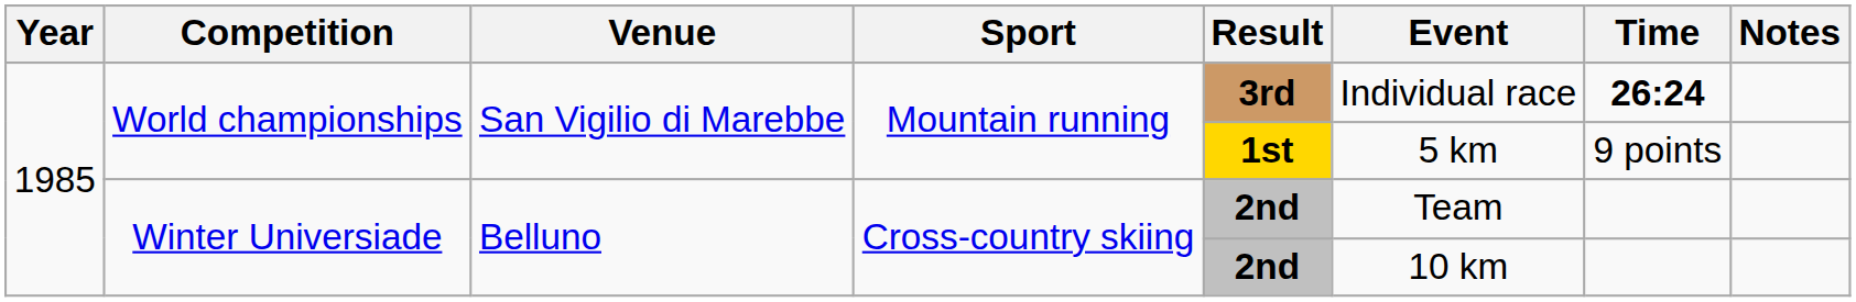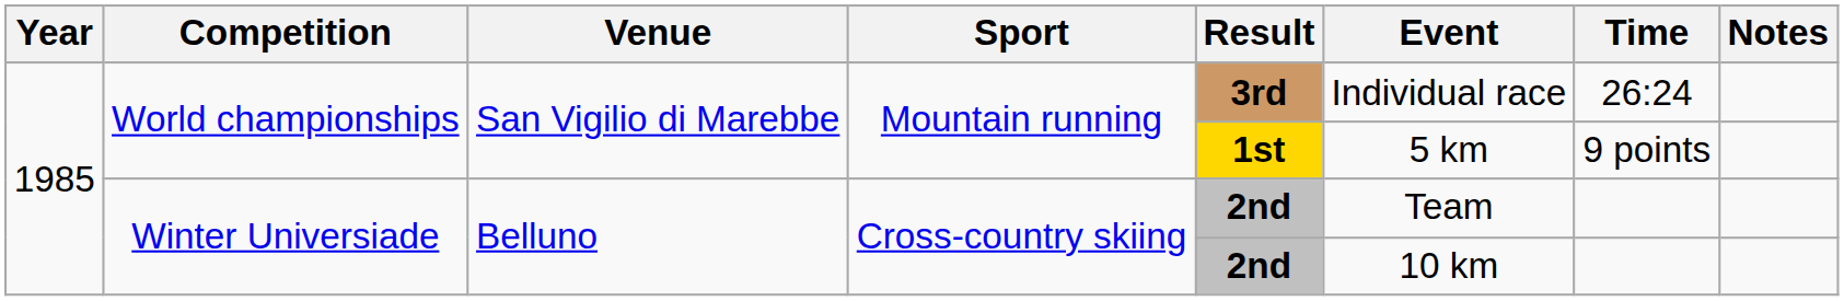 <table class="wikitable" style="text-align: center;">
 <tr>
 <th scope="col">Year</th>
 <th scope="col">Competition</th>
 <th scope="col">Venue</th>
 <th scope="col">Sport</th>
 <th scope="col">Result</th>
 <th scope="col">Event</th>
 <th scope="col">Time</th>
 <th scope="col">Notes</th>
 </tr>
 <tr>
 <td rowspan="4">1985</td>
 <td rowspan="2"><a href='#'>World championships</a></td>
 <td rowspan="2" style="text-align: left;"> <a href='#'>San Vigilio di Marebbe</a></td>
 <td rowspan="2"><a href='#'>Mountain running</a></td>
 <td style="background-color: #C96;"><strong>3rd</strong></td>
 <td>Individual race</td>
-<td><strong>26:24</strong></td>
+<td>26:24</td>
 <td></td>
 </tr>
 <tr>
 <td style="background-color: gold;"><strong>1st</strong></td>
 <td>5 km</td>
 <td>9 points</td>
 <td></td>
 </tr>
 <tr>
 <td rowspan="2"><a href='#'>Winter Universiade</a></td>
 <td rowspan="2" style="text-align: left;"> <a href='#'>Belluno</a></td>
 <td rowspan="2"><a href='#'>Cross-country skiing</a></td>
 <td style="background-color: silver;"><strong>2nd</strong></td>
 <td>Team</td>
 <td></td>
 <td></td>
 </tr>
 <tr>
 <td style="background-color: silver;"><strong>2nd</strong></td>
 <td>10 km</td>
 <td></td>
 <td></td>
 </tr>
 </table>
